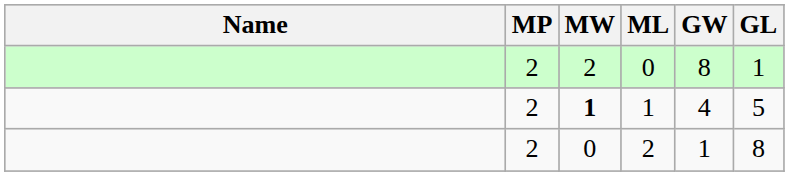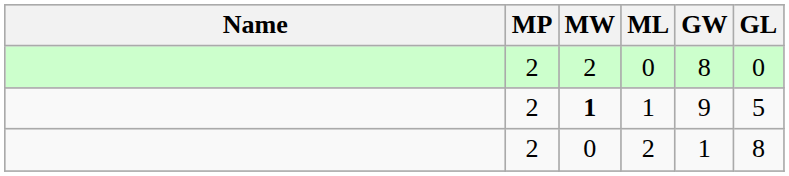 <table class=wikitable style="text-align:center">
 <tr>
 <th width=300>Name</th>
 <th width=20>MP</th>
 <th width=20>MW</th>
 <th width=20>ML</th>
 <th width=20>GW</th>
 <th width=20>GL</th>
 </tr>
 <tr style="background-color:#ccffcc;">
 <td style="text-align:left;"><strong></strong></td>
 <td>2</td>
 <td>2</td>
 <td>0</td>
 <td>8</td>
-<td>1</td>
+<td>0</td>
 </tr>
 <tr>
 <td style="text-align:left;"></td>
 <td>2</td>
 <td><strong>1</strong></td>
 <td>1</td>
-<td>4</td>
+<td>9</td>
 <td>5</td>
 </tr>
 <tr>
 <td style="text-align:left;"></td>
 <td>2</td>
 <td>0</td>
 <td>2</td>
 <td>1</td>
 <td>8</td>
 </tr>
 </table>
